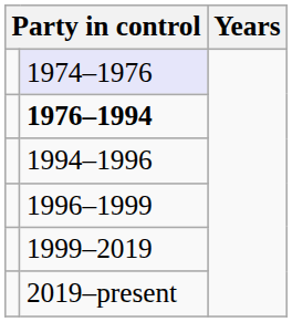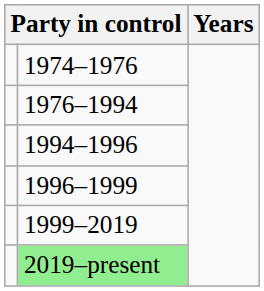 <table class="wikitable">
 <tr>
 <th colspan="2">Party in control</th>
 <th>Years</th>
 </tr>
 <tr>
 <td></td>
-<td style="background: lavender;">1974–1976</td>
+<td>1974–1976</td>
 </tr>
 <tr>
 <td></td>
-<td><strong>1976–1994</strong></td>
+<td>1976–1994</td>
 </tr>
 <tr>
 <td></td>
 <td>1994–1996</td>
 </tr>
 <tr>
 <td></td>
 <td>1996–1999</td>
 </tr>
 <tr>
 <td></td>
 <td>1999–2019</td>
 </tr>
 <tr>
 <td></td>
-<td>2019–present</td>
+<td style="background: lightgreen;">2019–present</td>
 </tr>
 </table>
